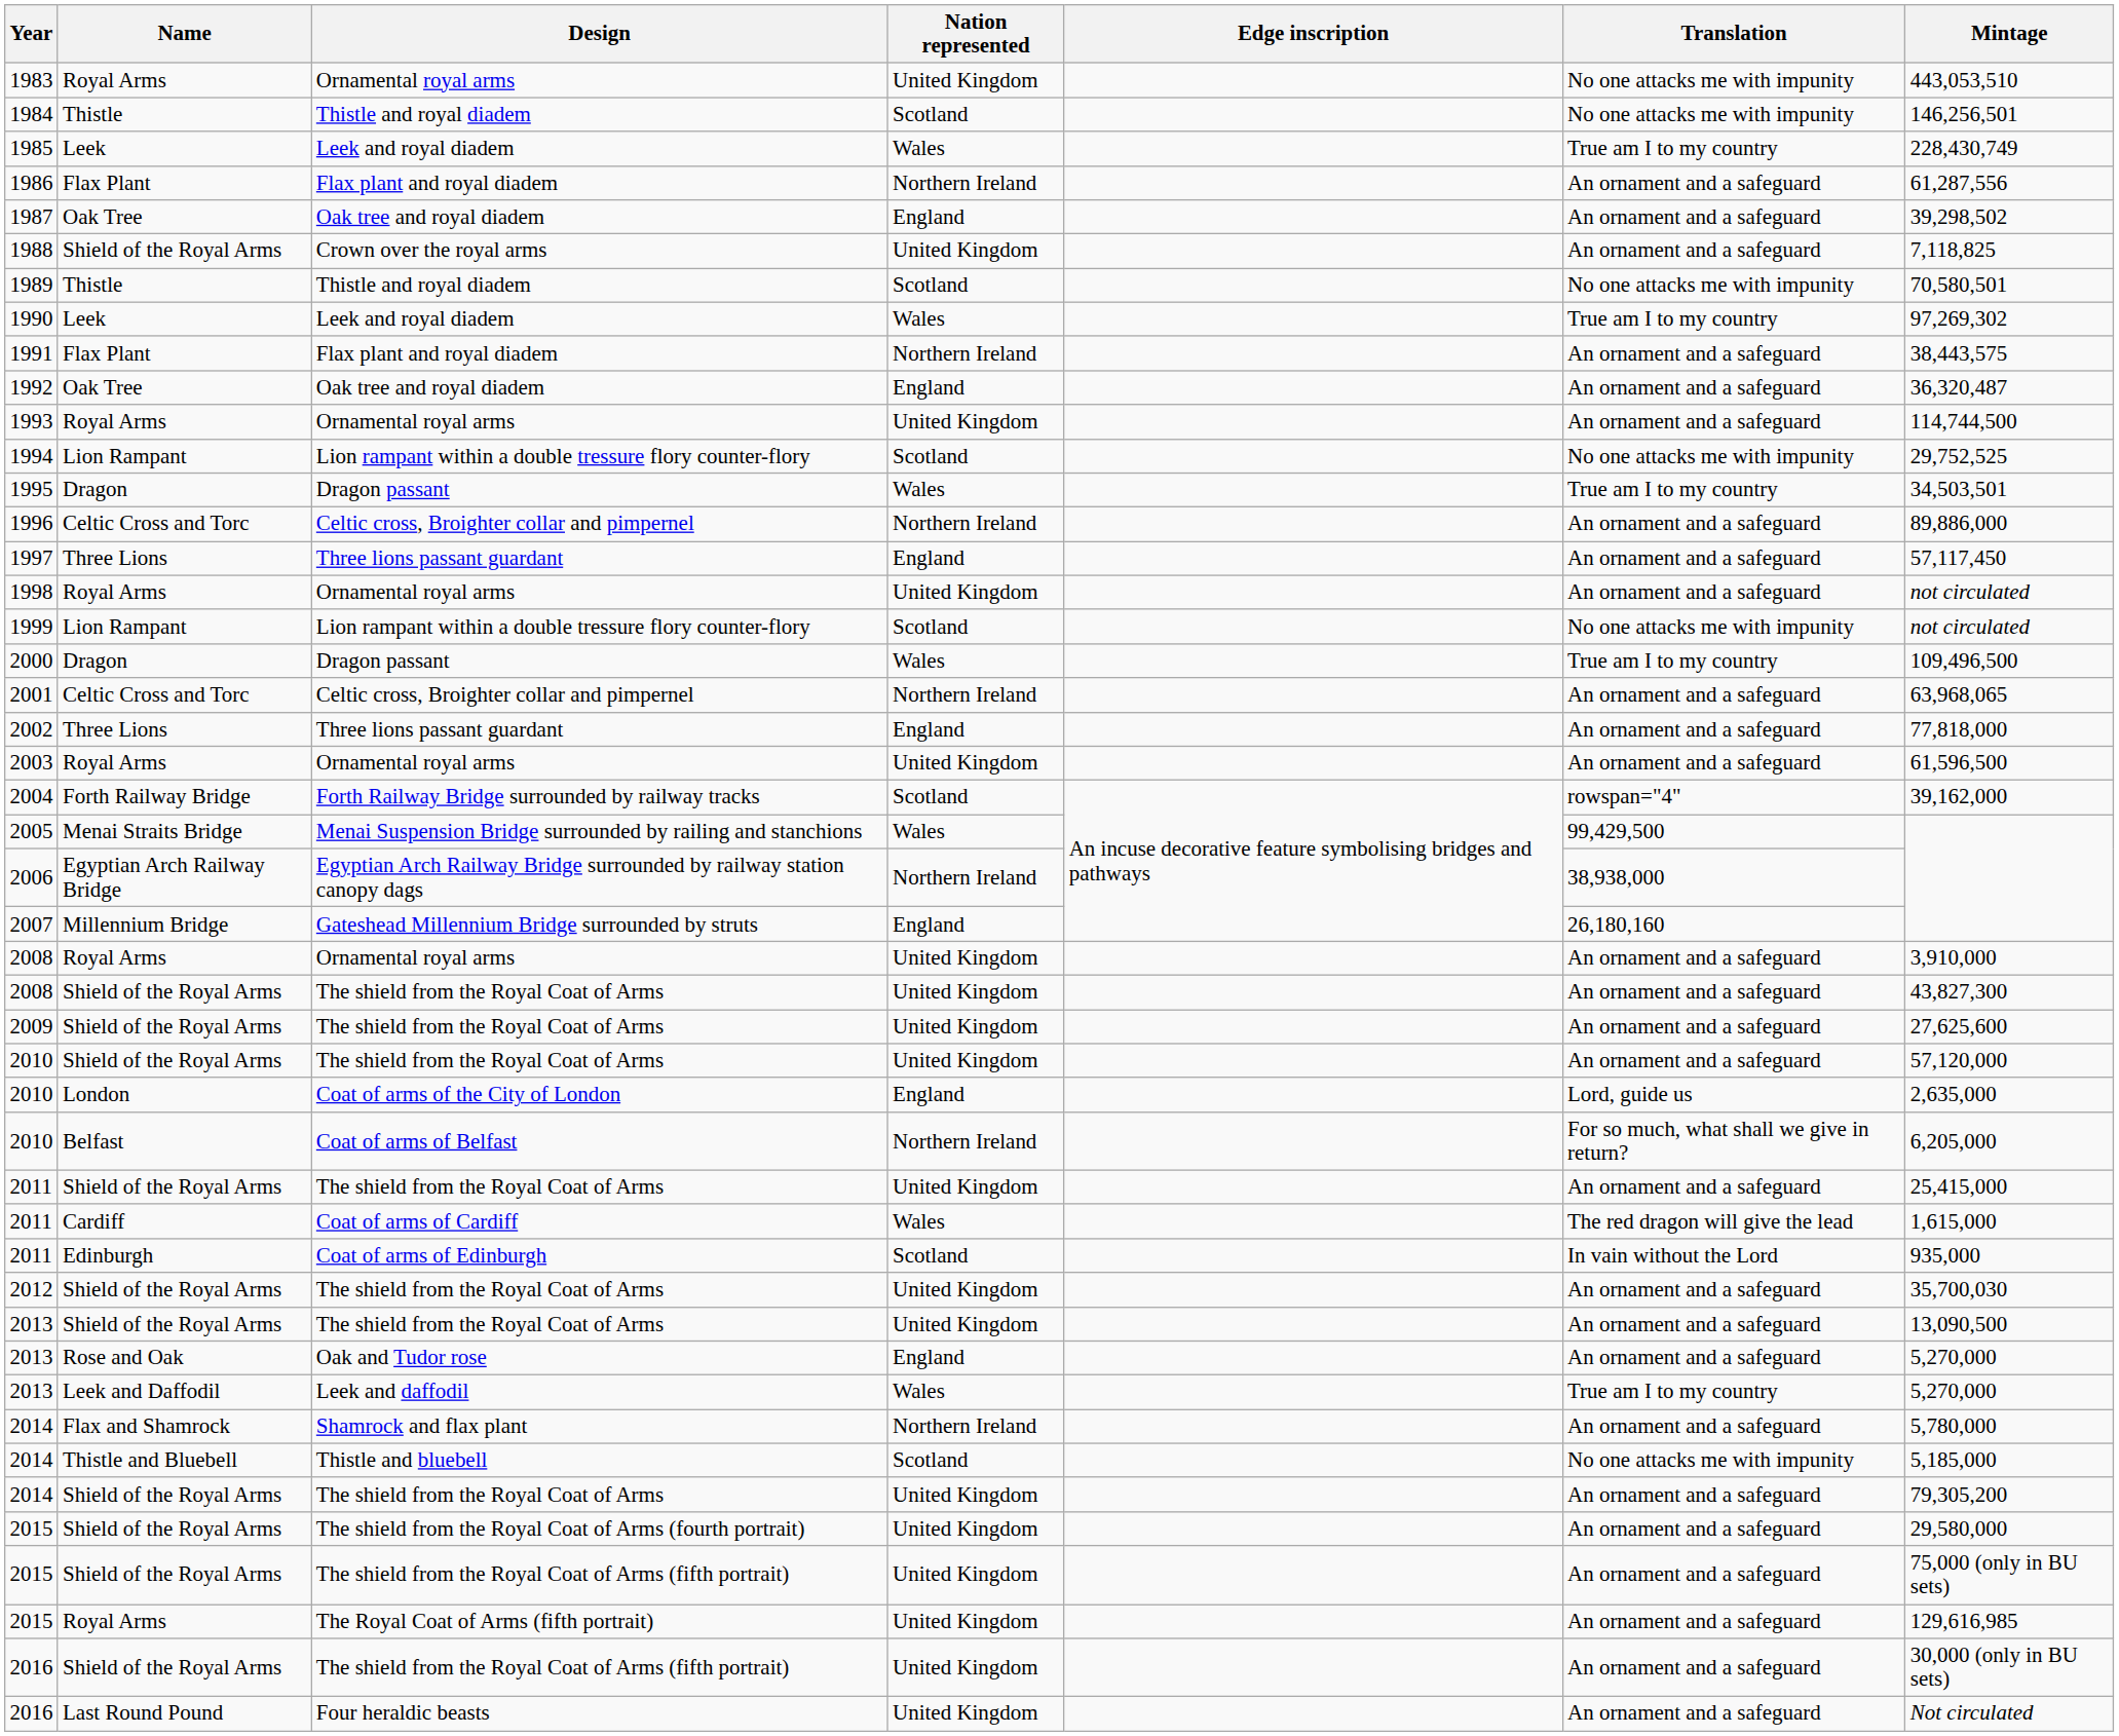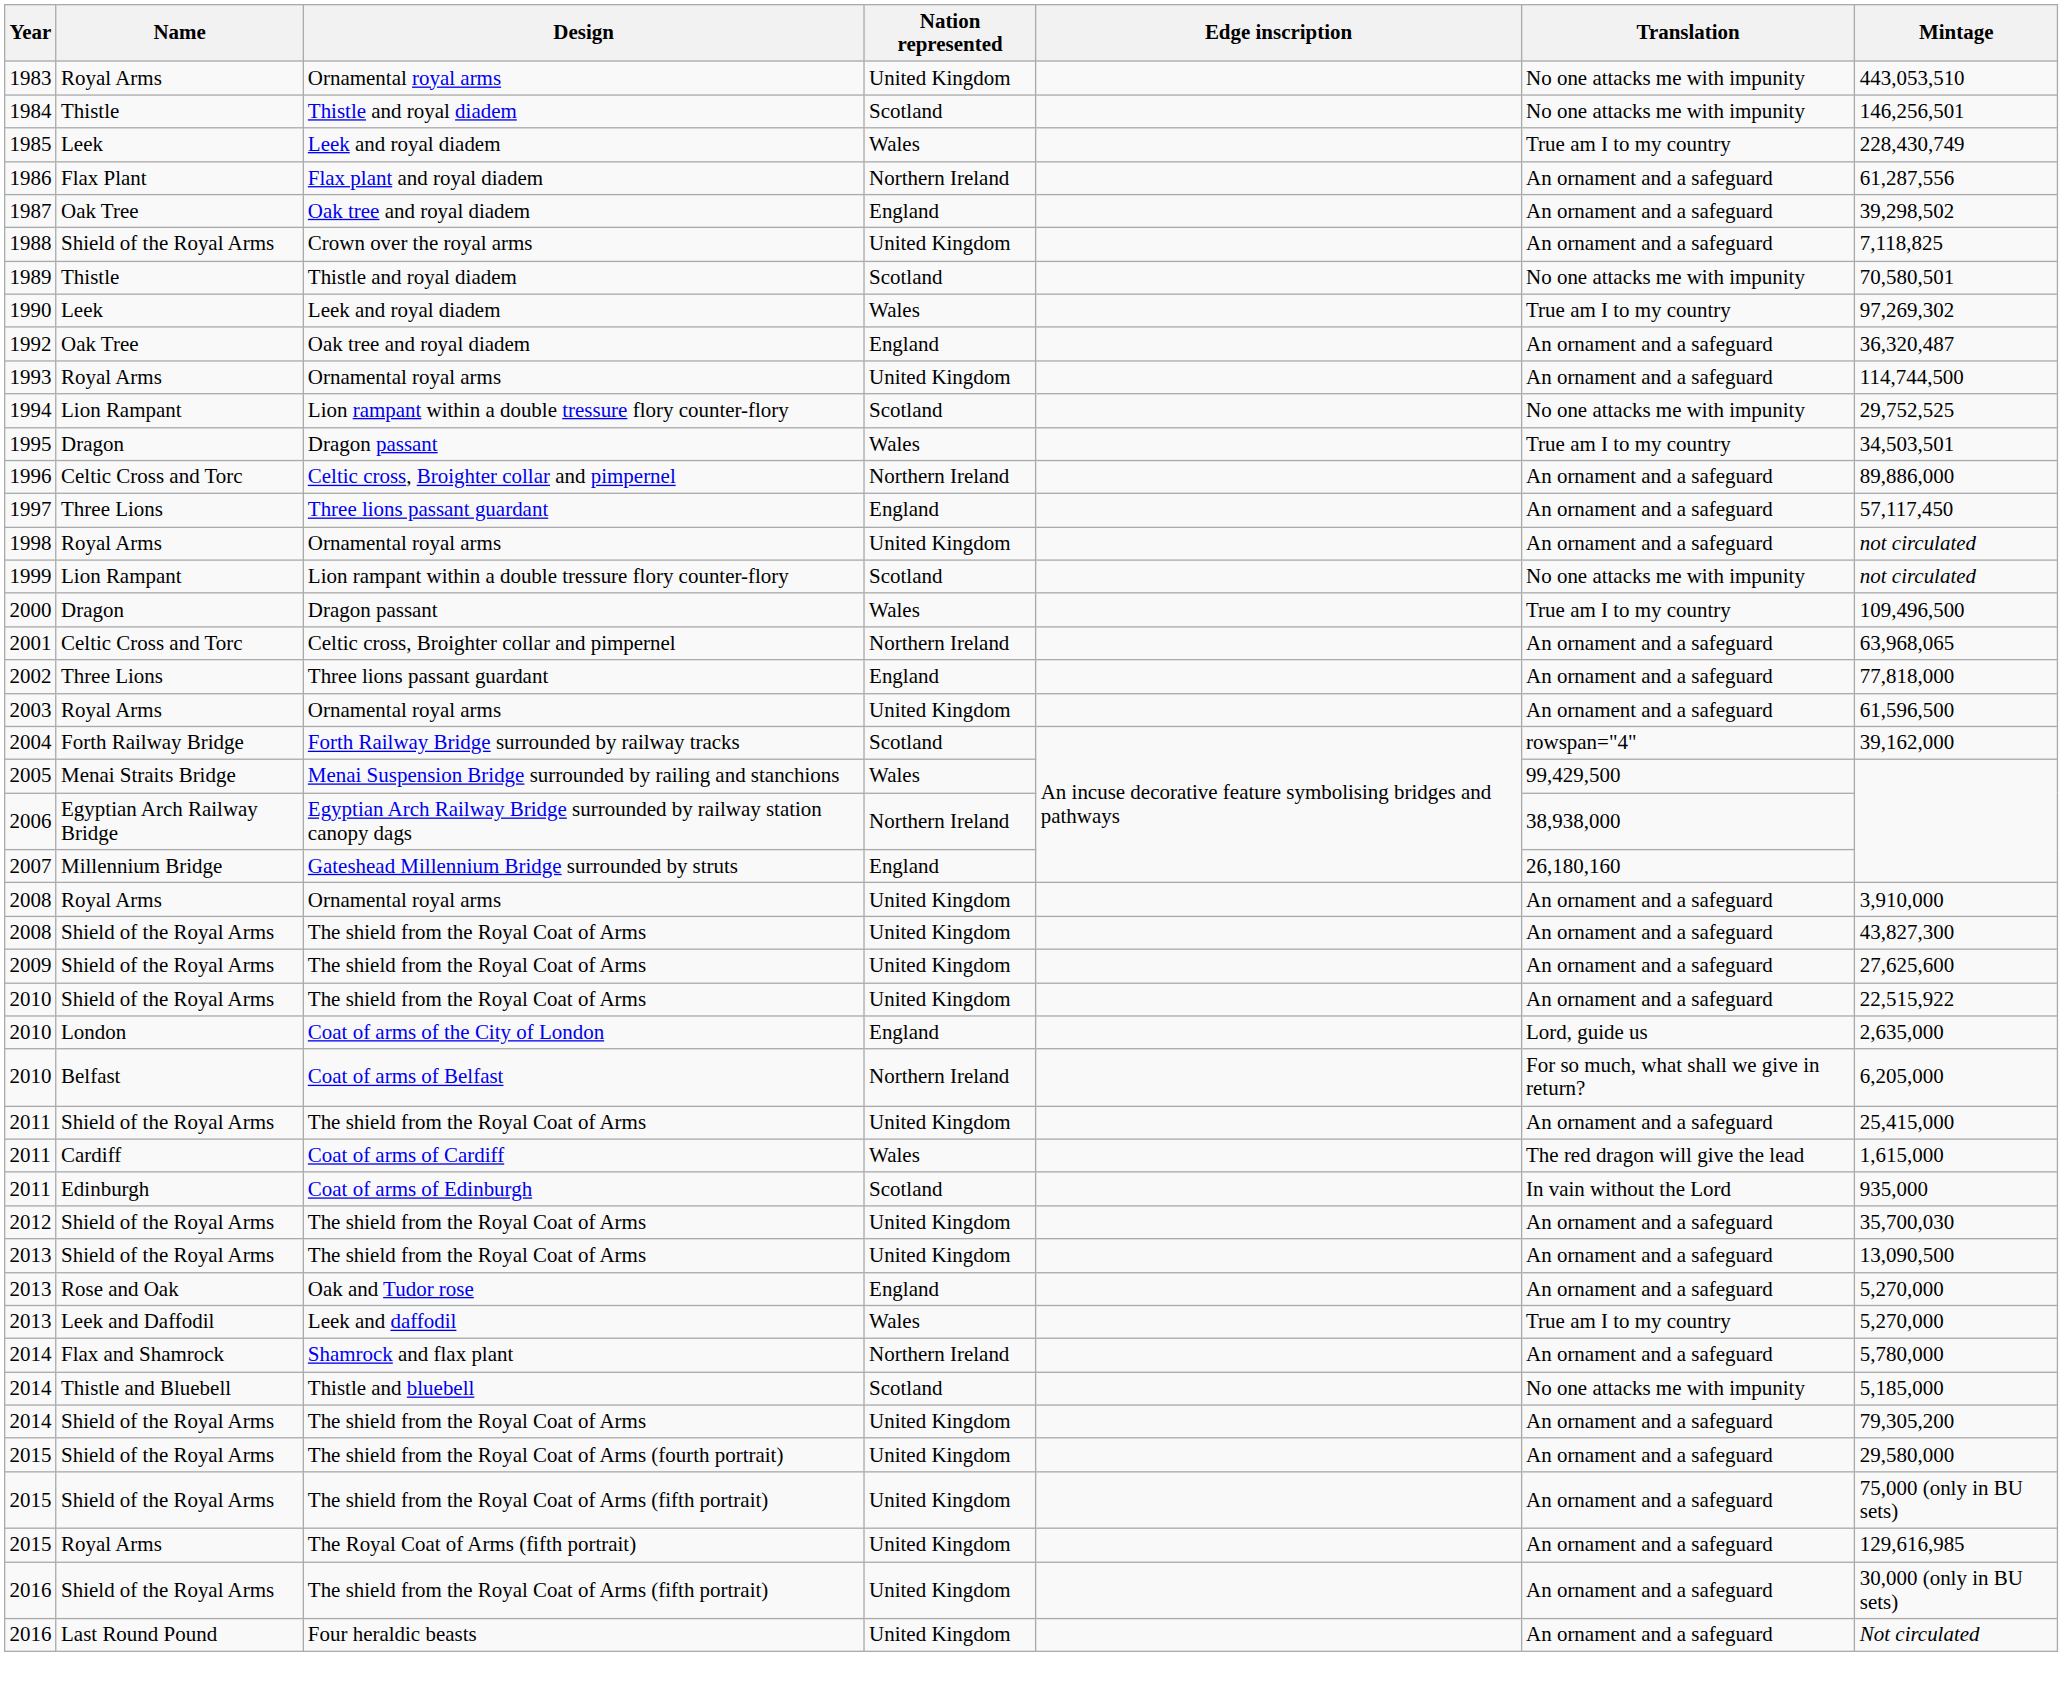 <table class="wikitable sortable">
 <tr>
 <th>Year</th>
 <th>Name</th>
 <th>Design</th>
 <th>Nation represented</th>
 <th>Edge inscription</th>
 <th>Translation</th>
 <th>Mintage</th>
 </tr>
 <tr>
 <td>1983</td>
 <td>Royal Arms</td>
 <td>Ornamental <a href='#'>royal arms</a></td>
 <td>United Kingdom</td>
 <td></td>
 <td>No one attacks me with impunity</td>
 <td>443,053,510</td>
 </tr>
 <tr>
 <td>1984</td>
 <td>Thistle</td>
 <td><a href='#'>Thistle</a> and royal <a href='#'>diadem</a></td>
 <td>Scotland</td>
 <td></td>
 <td>No one attacks me with impunity</td>
 <td>146,256,501</td>
 </tr>
 <tr>
 <td>1985</td>
 <td>Leek</td>
 <td><a href='#'>Leek</a> and royal diadem</td>
 <td>Wales</td>
 <td></td>
 <td>True am I to my country</td>
 <td>228,430,749</td>
 </tr>
 <tr>
 <td>1986</td>
 <td>Flax Plant</td>
 <td><a href='#'>Flax plant</a> and royal diadem</td>
 <td>Northern Ireland</td>
 <td></td>
 <td>An ornament and a safeguard</td>
 <td>61,287,556</td>
 </tr>
 <tr>
 <td>1987</td>
 <td>Oak Tree</td>
 <td><a href='#'>Oak tree</a> and royal diadem</td>
 <td>England</td>
 <td></td>
 <td>An ornament and a safeguard</td>
 <td>39,298,502</td>
 </tr>
 <tr>
 <td>1988</td>
 <td>Shield of the Royal Arms</td>
 <td>Crown over the royal arms</td>
 <td>United Kingdom</td>
 <td></td>
 <td>An ornament and a safeguard</td>
 <td>7,118,825</td>
 </tr>
 <tr>
 <td>1989</td>
 <td>Thistle</td>
 <td>Thistle and royal diadem</td>
 <td>Scotland</td>
 <td></td>
 <td>No one attacks me with impunity</td>
 <td>70,580,501</td>
 </tr>
 <tr>
 <td>1990</td>
 <td>Leek</td>
 <td>Leek and royal diadem</td>
 <td>Wales</td>
 <td></td>
 <td>True am I to my country</td>
 <td>97,269,302</td>
-</tr>
-<tr>
-<td>1991</td>
-<td>Flax Plant</td>
-<td>Flax plant and royal diadem</td>
-<td>Northern Ireland</td>
-<td></td>
-<td>An ornament and a safeguard</td>
-<td>38,443,575</td>
 </tr>
 <tr>
 <td>1992</td>
 <td>Oak Tree</td>
 <td>Oak tree and royal diadem</td>
 <td>England</td>
 <td></td>
 <td>An ornament and a safeguard</td>
 <td>36,320,487</td>
 </tr>
 <tr>
 <td>1993</td>
 <td>Royal Arms</td>
 <td>Ornamental royal arms</td>
 <td>United Kingdom</td>
 <td></td>
 <td>An ornament and a safeguard</td>
 <td>114,744,500</td>
 </tr>
 <tr>
 <td>1994</td>
 <td>Lion Rampant</td>
 <td>Lion <a href='#'>rampant</a> within a double <a href='#'>tressure</a> flory counter-flory</td>
 <td>Scotland</td>
 <td></td>
 <td>No one attacks me with impunity</td>
 <td>29,752,525</td>
 </tr>
 <tr>
 <td>1995</td>
 <td>Dragon</td>
 <td>Dragon <a href='#'>passant</a></td>
 <td>Wales</td>
 <td></td>
 <td>True am I to my country</td>
 <td>34,503,501</td>
 </tr>
 <tr>
 <td>1996</td>
 <td>Celtic Cross and Torc</td>
 <td><a href='#'>Celtic cross</a>, <a href='#'>Broighter collar</a> and <a href='#'>pimpernel</a></td>
 <td>Northern Ireland</td>
 <td></td>
 <td>An ornament and a safeguard</td>
 <td>89,886,000</td>
 </tr>
 <tr>
 <td>1997</td>
 <td>Three Lions</td>
 <td><a href='#'>Three lions passant guardant</a></td>
 <td>England</td>
 <td></td>
 <td>An ornament and a safeguard</td>
 <td>57,117,450</td>
 </tr>
 <tr>
 <td>1998</td>
 <td>Royal Arms</td>
 <td>Ornamental royal arms</td>
 <td>United Kingdom</td>
 <td></td>
 <td>An ornament and a safeguard</td>
 <td><em>not circulated</em></td>
 </tr>
 <tr>
 <td>1999</td>
 <td>Lion Rampant</td>
 <td>Lion rampant within a double tressure flory counter-flory</td>
 <td>Scotland</td>
 <td></td>
 <td>No one attacks me with impunity</td>
 <td><em>not circulated</em></td>
 </tr>
 <tr>
 <td>2000</td>
 <td>Dragon</td>
 <td>Dragon passant</td>
 <td>Wales</td>
 <td></td>
 <td>True am I to my country</td>
 <td>109,496,500</td>
 </tr>
 <tr>
 <td>2001</td>
 <td>Celtic Cross and Torc</td>
 <td>Celtic cross, Broighter collar and pimpernel</td>
 <td>Northern Ireland</td>
 <td></td>
 <td>An ornament and a safeguard</td>
 <td>63,968,065</td>
 </tr>
 <tr>
 <td>2002</td>
 <td>Three Lions</td>
 <td>Three lions passant guardant</td>
 <td>England</td>
 <td></td>
 <td>An ornament and a safeguard</td>
 <td>77,818,000</td>
 </tr>
 <tr>
 <td>2003</td>
 <td>Royal Arms</td>
 <td>Ornamental royal arms</td>
 <td>United Kingdom</td>
 <td></td>
 <td>An ornament and a safeguard</td>
 <td>61,596,500</td>
 </tr>
 <tr>
 <td>2004</td>
 <td>Forth Railway Bridge</td>
 <td><a href='#'>Forth Railway Bridge</a> surrounded by railway tracks</td>
 <td>Scotland</td>
 <td rowspan="4">An incuse decorative feature symbolising bridges and pathways</td>
 <td>rowspan="4" </td>
 <td>39,162,000</td>
 </tr>
 <tr>
 <td>2005</td>
 <td>Menai Straits Bridge</td>
 <td><a href='#'>Menai Suspension Bridge</a> surrounded by railing and stanchions</td>
 <td>Wales</td>
 <td>99,429,500</td>
 </tr>
 <tr>
 <td>2006</td>
 <td>Egyptian Arch Railway Bridge</td>
 <td><a href='#'>Egyptian Arch Railway Bridge</a> surrounded by railway station canopy dags</td>
 <td>Northern Ireland</td>
 <td>38,938,000</td>
 </tr>
 <tr>
 <td>2007</td>
 <td>Millennium Bridge</td>
 <td><a href='#'>Gateshead Millennium Bridge</a> surrounded by struts</td>
 <td>England</td>
 <td>26,180,160</td>
 </tr>
 <tr>
 <td>2008</td>
 <td>Royal Arms</td>
 <td>Ornamental royal arms</td>
 <td>United Kingdom</td>
 <td></td>
 <td>An ornament and a safeguard</td>
 <td>3,910,000</td>
 </tr>
 <tr>
 <td>2008</td>
 <td>Shield of the Royal Arms</td>
 <td>The shield from the Royal Coat of Arms</td>
 <td>United Kingdom</td>
 <td></td>
 <td>An ornament and a safeguard</td>
 <td>43,827,300</td>
 </tr>
 <tr>
 <td>2009</td>
 <td>Shield of the Royal Arms</td>
 <td>The shield from the Royal Coat of Arms</td>
 <td>United Kingdom</td>
 <td></td>
 <td>An ornament and a safeguard</td>
 <td>27,625,600</td>
 </tr>
 <tr>
 <td>2010</td>
 <td>Shield of the Royal Arms</td>
 <td>The shield from the Royal Coat of Arms</td>
 <td>United Kingdom</td>
 <td></td>
 <td>An ornament and a safeguard</td>
-<td>57,120,000</td>
+<td>22,515,922</td>
 </tr>
 <tr>
 <td>2010</td>
 <td>London</td>
 <td><a href='#'>Coat of arms of the City of London</a></td>
 <td>England</td>
 <td></td>
 <td>Lord, guide us</td>
 <td>2,635,000</td>
 </tr>
 <tr>
 <td>2010</td>
 <td>Belfast</td>
 <td><a href='#'>Coat of arms of Belfast</a></td>
 <td>Northern Ireland</td>
 <td></td>
 <td>For so much, what shall we give in return?</td>
 <td>6,205,000</td>
 </tr>
 <tr>
 <td>2011</td>
 <td>Shield of the Royal Arms</td>
 <td>The shield from the Royal Coat of Arms</td>
 <td>United Kingdom</td>
 <td></td>
 <td>An ornament and a safeguard</td>
 <td>25,415,000</td>
 </tr>
 <tr>
 <td>2011</td>
 <td>Cardiff</td>
 <td><a href='#'>Coat of arms of Cardiff</a></td>
 <td>Wales</td>
 <td></td>
 <td>The red dragon will give the lead</td>
 <td>1,615,000</td>
 </tr>
 <tr>
 <td>2011</td>
 <td>Edinburgh</td>
 <td><a href='#'>Coat of arms of Edinburgh</a></td>
 <td>Scotland</td>
 <td></td>
 <td>In vain without the Lord</td>
 <td>935,000</td>
 </tr>
 <tr>
 <td>2012</td>
 <td>Shield of the Royal Arms</td>
 <td>The shield from the Royal Coat of Arms</td>
 <td>United Kingdom</td>
 <td></td>
 <td>An ornament and a safeguard</td>
 <td>35,700,030</td>
 </tr>
 <tr>
 <td>2013</td>
 <td>Shield of the Royal Arms</td>
 <td>The shield from the Royal Coat of Arms</td>
 <td>United Kingdom</td>
 <td></td>
 <td>An ornament and a safeguard</td>
 <td>13,090,500</td>
 </tr>
 <tr>
 <td>2013</td>
 <td>Rose and Oak</td>
 <td>Oak and <a href='#'>Tudor rose</a></td>
 <td>England</td>
 <td></td>
 <td>An ornament and a safeguard</td>
 <td>5,270,000</td>
 </tr>
 <tr>
 <td>2013</td>
 <td>Leek and Daffodil</td>
 <td>Leek and <a href='#'>daffodil</a></td>
 <td>Wales</td>
 <td></td>
 <td>True am I to my country</td>
 <td>5,270,000</td>
 </tr>
 <tr>
 <td>2014</td>
 <td>Flax and Shamrock</td>
 <td><a href='#'>Shamrock</a> and flax plant</td>
 <td>Northern Ireland</td>
 <td></td>
 <td>An ornament and a safeguard</td>
 <td>5,780,000</td>
 </tr>
 <tr>
 <td>2014</td>
 <td>Thistle and Bluebell</td>
 <td>Thistle and <a href='#'>bluebell</a></td>
 <td>Scotland</td>
 <td></td>
 <td>No one attacks me with impunity</td>
 <td>5,185,000</td>
 </tr>
 <tr>
 <td>2014</td>
 <td>Shield of the Royal Arms</td>
 <td>The shield from the Royal Coat of Arms</td>
 <td>United Kingdom</td>
 <td></td>
 <td>An ornament and a safeguard</td>
 <td>79,305,200</td>
 </tr>
 <tr>
 <td>2015</td>
 <td>Shield of the Royal Arms</td>
 <td>The shield from the Royal Coat of Arms (fourth portrait)</td>
 <td>United Kingdom</td>
 <td></td>
 <td>An ornament and a safeguard</td>
 <td>29,580,000</td>
 </tr>
 <tr>
 <td>2015</td>
 <td>Shield of the Royal Arms</td>
 <td>The shield from the Royal Coat of Arms (fifth portrait)</td>
 <td>United Kingdom</td>
 <td></td>
 <td>An ornament and a safeguard</td>
 <td>75,000 (only in BU sets)</td>
 </tr>
 <tr>
 <td>2015</td>
 <td>Royal Arms</td>
 <td>The Royal Coat of Arms (fifth portrait)</td>
 <td>United Kingdom</td>
 <td></td>
 <td>An ornament and a safeguard</td>
 <td>129,616,985</td>
 </tr>
 <tr>
 <td>2016</td>
 <td>Shield of the Royal Arms</td>
 <td>The shield from the Royal Coat of Arms (fifth portrait)</td>
 <td>United Kingdom</td>
 <td></td>
 <td>An ornament and a safeguard</td>
 <td>30,000 (only in BU sets)</td>
 </tr>
 <tr>
 <td>2016</td>
 <td>Last Round Pound</td>
 <td>Four heraldic beasts</td>
 <td>United Kingdom</td>
 <td></td>
 <td>An ornament and a safeguard</td>
 <td><em>Not circulated</em></td>
 </tr>
 </table>
